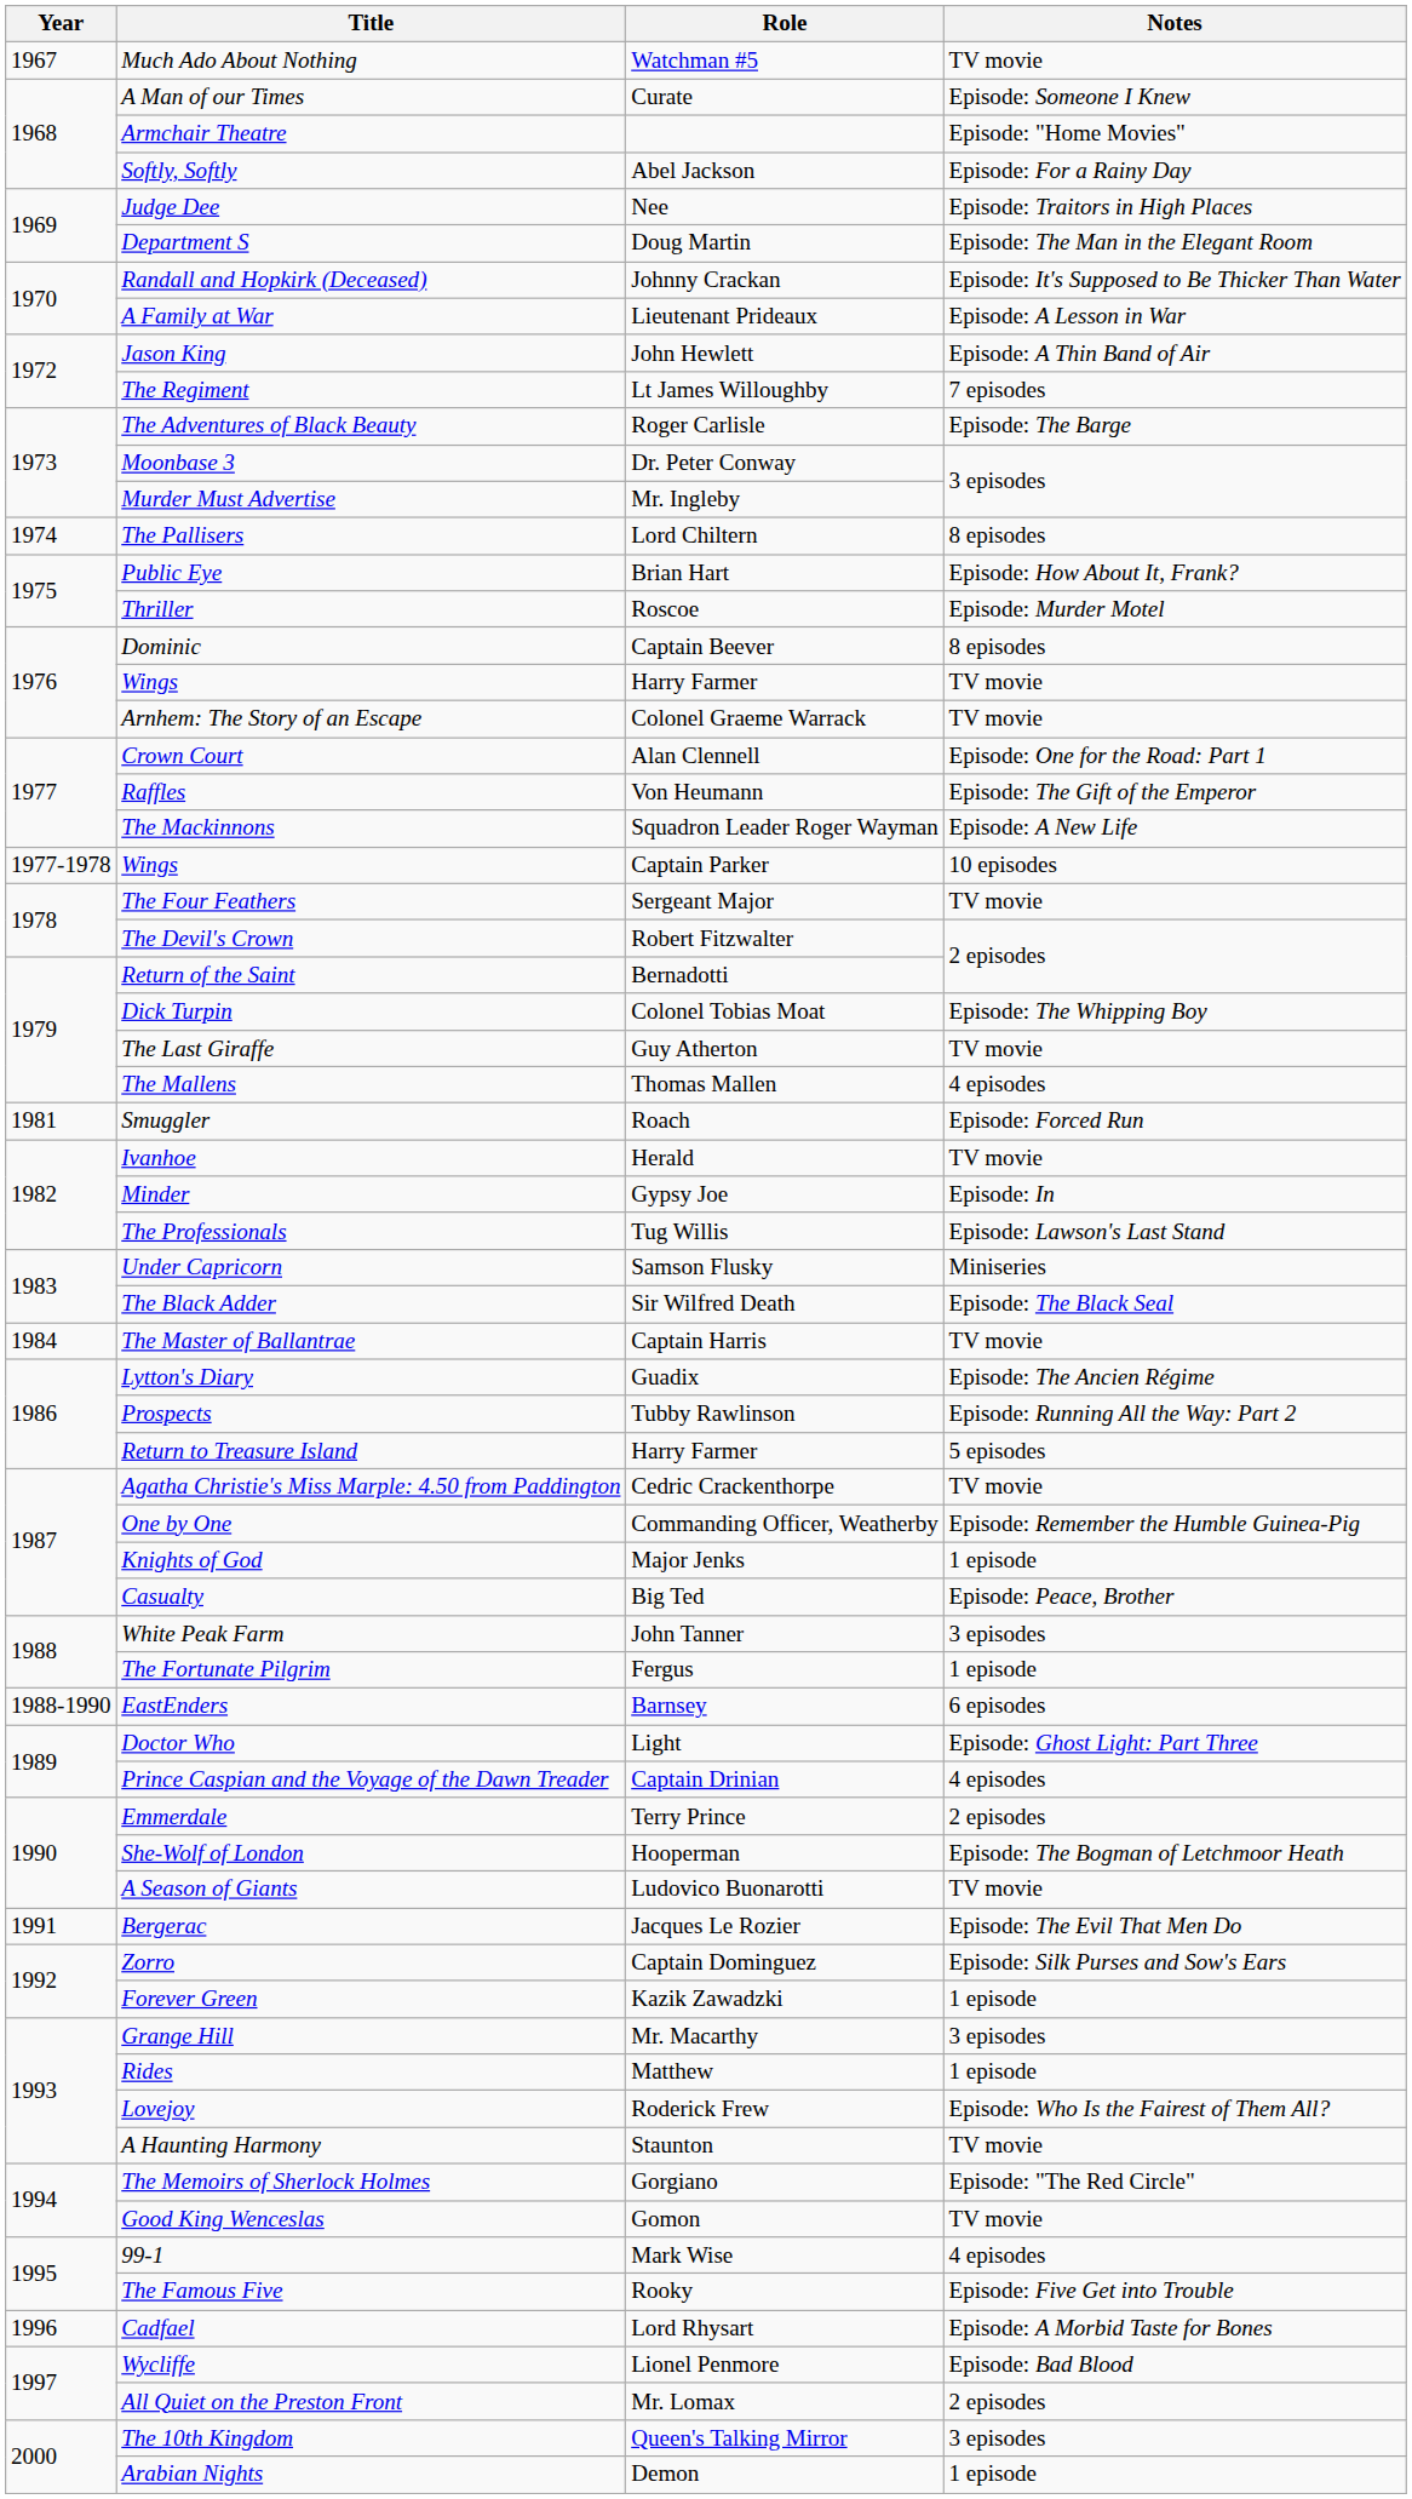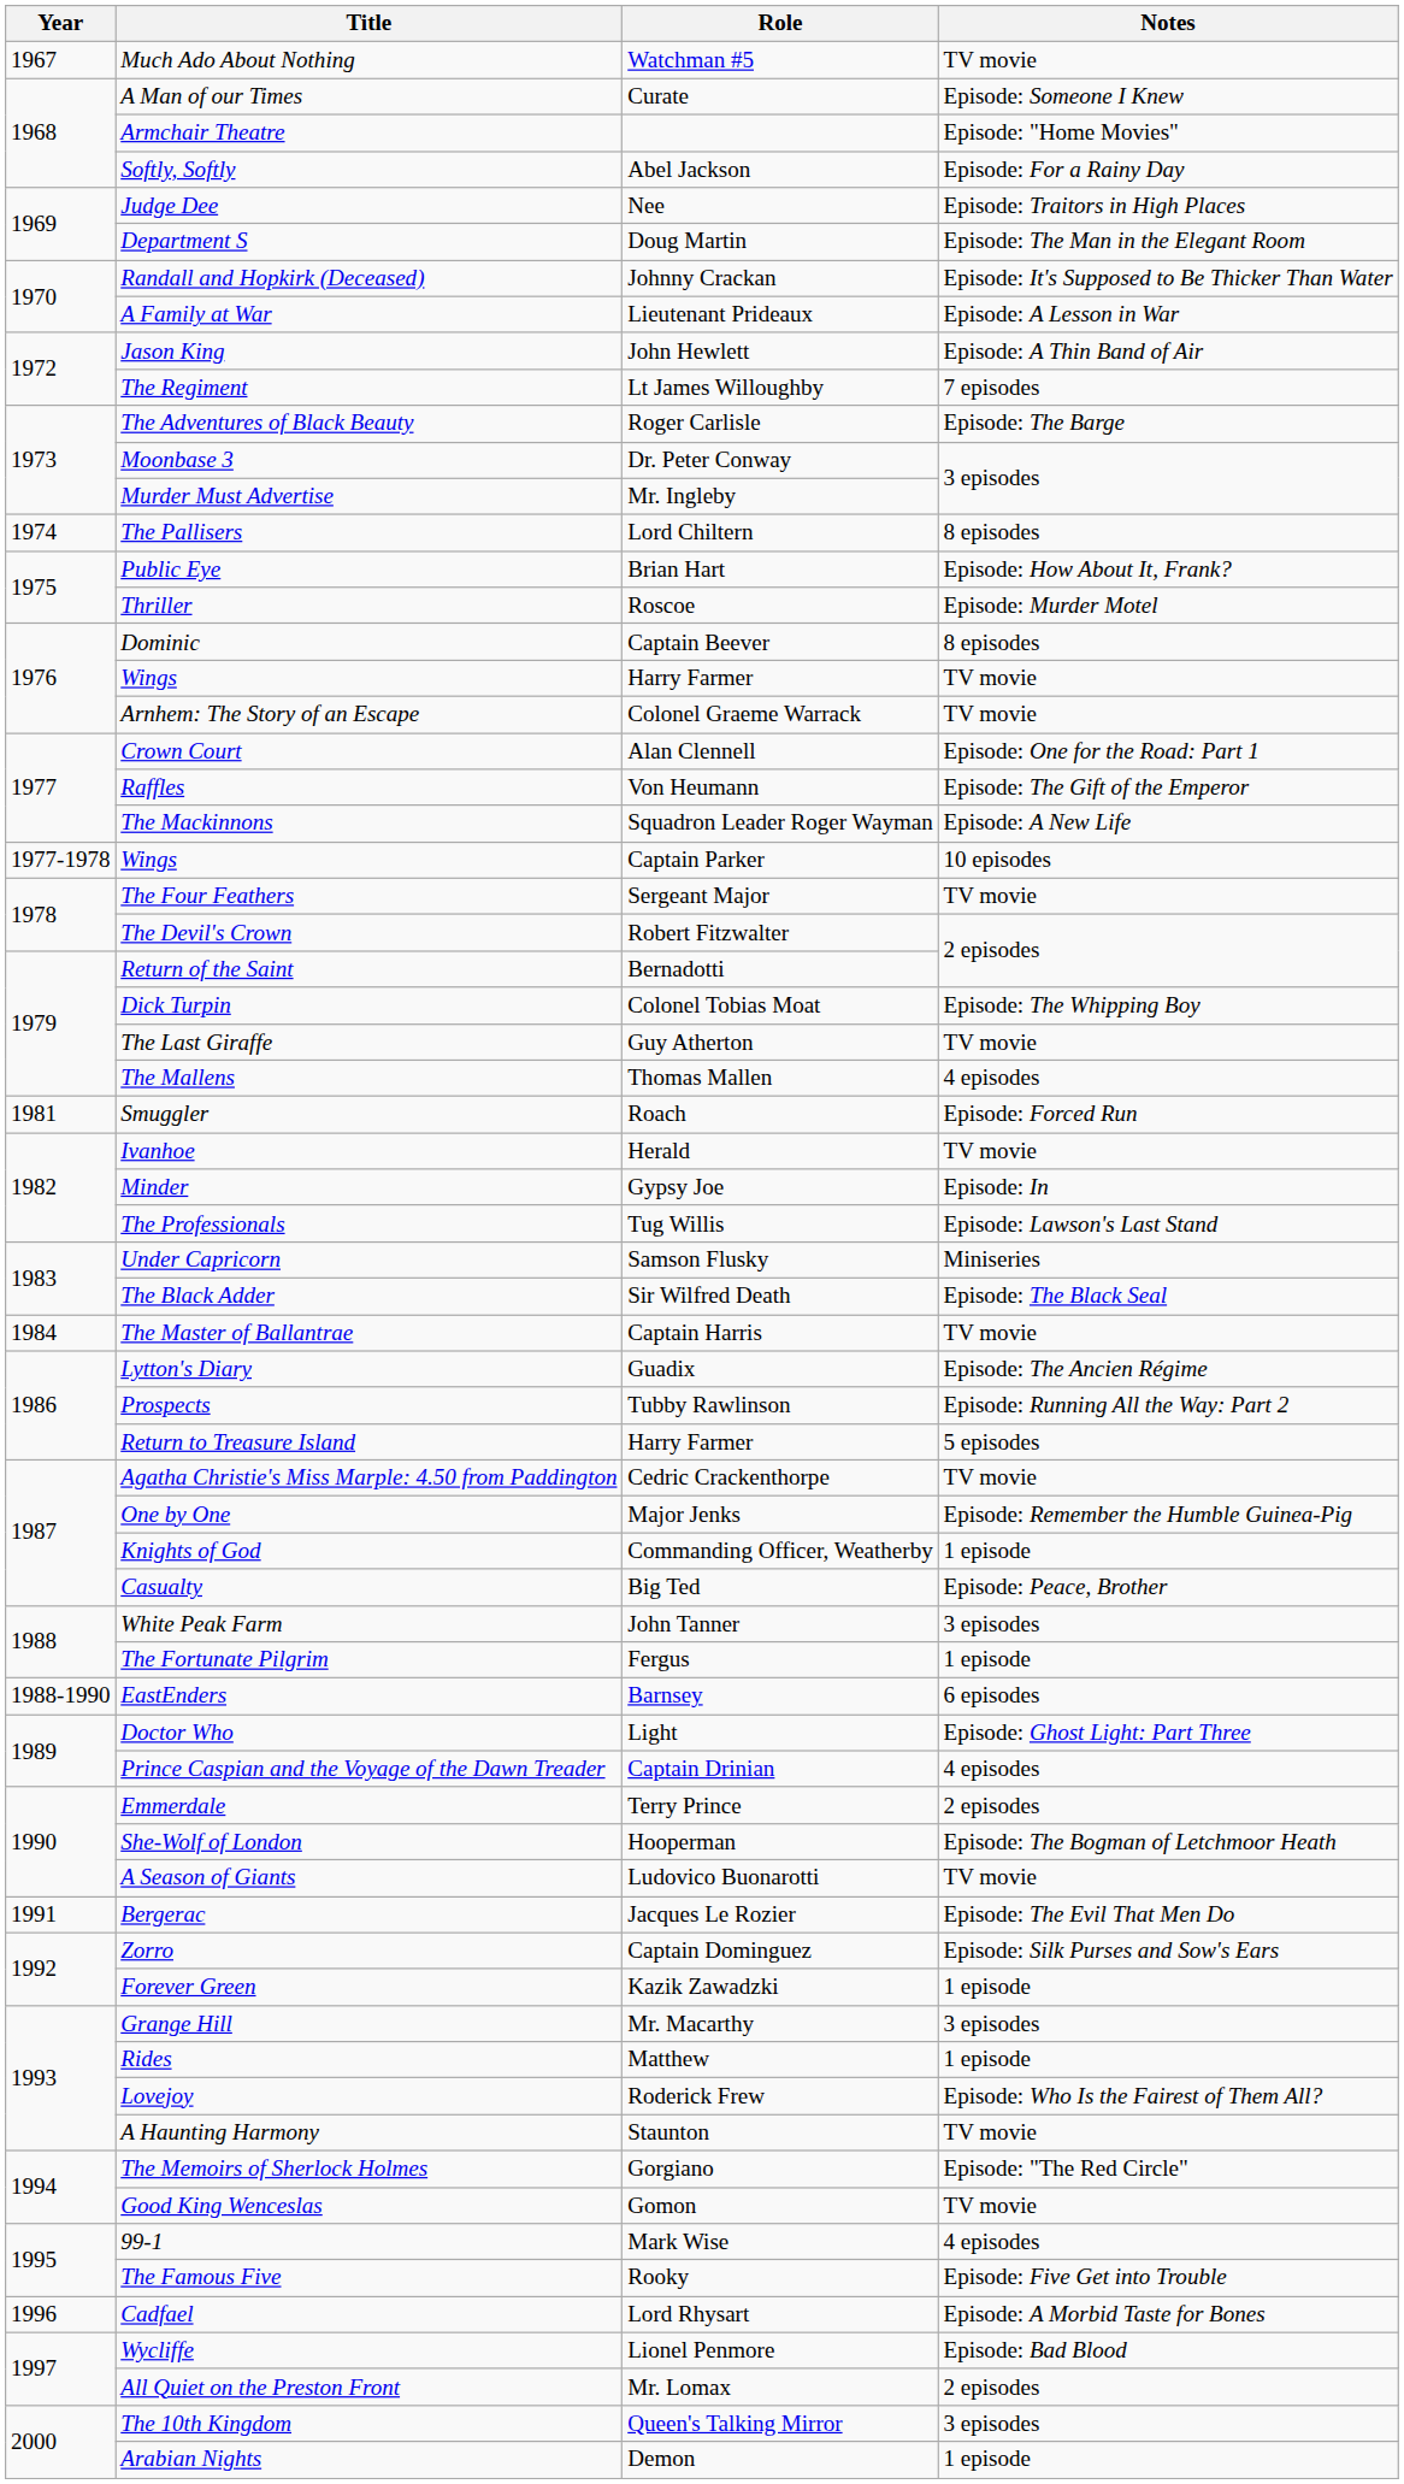 <table class="wikitable sortable">
 <tr>
 <th>Year</th>
 <th>Title</th>
 <th>Role</th>
 <th>Notes</th>
 </tr>
 <tr>
 <td>1967</td>
 <td><em>Much Ado About Nothing</em></td>
 <td><a href='#'>Watchman #5</a></td>
 <td>TV movie</td>
 </tr>
 <tr>
 <td rowspan="3">1968</td>
 <td><em>A Man of our Times</em></td>
 <td>Curate</td>
 <td>Episode: <em>Someone I Knew</em></td>
 </tr>
 <tr>
 <td><em><a href='#'>Armchair Theatre</a></em></td>
 <td></td>
 <td>Episode: "Home Movies"</td>
 </tr>
 <tr>
 <td><em><a href='#'>Softly, Softly</a></em></td>
 <td>Abel Jackson</td>
 <td>Episode: <em>For a Rainy Day</em></td>
 </tr>
 <tr>
 <td rowspan="2">1969</td>
 <td><em><a href='#'>Judge Dee</a></em></td>
 <td>Nee</td>
 <td>Episode: <em>Traitors in High Places</em></td>
 </tr>
 <tr>
 <td><em><a href='#'>Department S</a></em></td>
 <td>Doug Martin</td>
 <td>Episode: <em>The Man in the Elegant Room</em></td>
 </tr>
 <tr>
 <td rowspan="2">1970</td>
 <td><em><a href='#'>Randall and Hopkirk (Deceased)</a></em></td>
 <td>Johnny Crackan</td>
 <td>Episode: <em>It's Supposed to Be Thicker Than Water</em></td>
 </tr>
 <tr>
 <td><em><a href='#'>A Family at War</a></em></td>
 <td>Lieutenant Prideaux</td>
 <td>Episode: <em>A Lesson in War</em></td>
 </tr>
 <tr>
 <td rowspan="2">1972</td>
 <td><em><a href='#'>Jason King</a></em></td>
 <td>John Hewlett</td>
 <td>Episode: <em>A Thin Band of Air</em></td>
 </tr>
 <tr>
 <td><em><a href='#'>The Regiment</a></em></td>
 <td>Lt James Willoughby</td>
 <td>7 episodes</td>
 </tr>
 <tr>
 <td rowspan="3">1973</td>
 <td><em><a href='#'>The Adventures of Black Beauty</a></em></td>
 <td>Roger Carlisle</td>
 <td>Episode: <em>The Barge</em></td>
 </tr>
 <tr>
 <td><em><a href='#'>Moonbase 3</a></em></td>
 <td>Dr. Peter Conway</td>
 <td rowspan="2">3 episodes</td>
 </tr>
 <tr>
 <td><em><a href='#'>Murder Must Advertise</a></em></td>
 <td>Mr. Ingleby</td>
 </tr>
 <tr>
 <td>1974</td>
 <td><em><a href='#'>The Pallisers</a></em></td>
 <td>Lord Chiltern</td>
 <td>8 episodes</td>
 </tr>
 <tr>
 <td rowspan="2">1975</td>
 <td><em><a href='#'>Public Eye</a></em></td>
 <td>Brian Hart</td>
 <td>Episode: <em>How About It, Frank?</em></td>
 </tr>
 <tr>
 <td><em><a href='#'>Thriller</a></em></td>
 <td>Roscoe</td>
 <td>Episode: <em>Murder Motel</em></td>
 </tr>
 <tr>
 <td rowspan="3">1976</td>
 <td><em>Dominic</em></td>
 <td>Captain Beever</td>
 <td>8 episodes</td>
 </tr>
 <tr>
 <td><em><a href='#'>Wings</a></em></td>
 <td>Harry Farmer</td>
 <td>TV movie</td>
 </tr>
 <tr>
 <td><em>Arnhem: The Story of an Escape</em></td>
 <td>Colonel Graeme Warrack</td>
 <td>TV movie</td>
 </tr>
 <tr>
 <td rowspan="3">1977</td>
 <td><em><a href='#'>Crown Court</a></em></td>
 <td>Alan Clennell</td>
 <td>Episode: <em>One for the Road: Part 1</em></td>
 </tr>
 <tr>
 <td><em><a href='#'>Raffles</a></em></td>
 <td>Von Heumann</td>
 <td>Episode: <em>The Gift of the Emperor</em></td>
 </tr>
 <tr>
 <td><em><a href='#'>The Mackinnons</a></em></td>
 <td>Squadron Leader Roger Wayman</td>
 <td>Episode: <em>A New Life</em></td>
 </tr>
 <tr>
 <td>1977-1978</td>
 <td><em><a href='#'>Wings</a></em></td>
 <td>Captain Parker</td>
 <td>10 episodes</td>
 </tr>
 <tr>
 <td rowspan="2">1978</td>
 <td><em><a href='#'>The Four Feathers</a></em></td>
 <td>Sergeant Major</td>
 <td>TV movie</td>
 </tr>
 <tr>
 <td><em><a href='#'>The Devil's Crown</a></em></td>
 <td>Robert Fitzwalter</td>
 <td rowspan="2">2 episodes</td>
 </tr>
 <tr>
 <td rowspan="4">1979</td>
 <td><em><a href='#'>Return of the Saint</a></em></td>
 <td>Bernadotti</td>
 </tr>
 <tr>
 <td><em><a href='#'>Dick Turpin</a></em></td>
 <td>Colonel Tobias Moat</td>
 <td>Episode: <em>The Whipping Boy</em></td>
 </tr>
 <tr>
 <td><em>The Last Giraffe</em></td>
 <td>Guy Atherton</td>
 <td>TV movie</td>
 </tr>
 <tr>
 <td><em><a href='#'>The Mallens</a></em></td>
 <td>Thomas Mallen</td>
 <td>4 episodes</td>
 </tr>
 <tr>
 <td>1981</td>
 <td><em>Smuggler</em></td>
 <td>Roach</td>
 <td>Episode: <em>Forced Run</em></td>
 </tr>
 <tr>
 <td rowspan="3">1982</td>
 <td><em><a href='#'>Ivanhoe</a></em></td>
 <td>Herald</td>
 <td>TV movie</td>
 </tr>
 <tr>
 <td><em><a href='#'>Minder</a></em></td>
 <td>Gypsy Joe</td>
 <td>Episode: <em>In</em></td>
 </tr>
 <tr>
 <td><em><a href='#'>The Professionals</a></em></td>
 <td>Tug Willis</td>
 <td>Episode: <em>Lawson's Last Stand</em></td>
 </tr>
 <tr>
 <td rowspan="2">1983</td>
 <td><em><a href='#'>Under Capricorn</a></em></td>
 <td>Samson Flusky</td>
 <td>Miniseries</td>
 </tr>
 <tr>
 <td><em><a href='#'>The Black Adder</a></em></td>
 <td>Sir Wilfred Death</td>
 <td>Episode: <em><a href='#'>The Black Seal</a></em></td>
 </tr>
 <tr>
 <td>1984</td>
 <td><em><a href='#'>The Master of Ballantrae</a></em></td>
 <td>Captain Harris</td>
 <td>TV movie</td>
 </tr>
 <tr>
 <td rowspan="3">1986</td>
 <td><em><a href='#'>Lytton's Diary</a></em></td>
 <td>Guadix</td>
 <td>Episode: <em>The Ancien Régime</em></td>
 </tr>
 <tr>
 <td><em><a href='#'>Prospects</a></em></td>
 <td>Tubby Rawlinson</td>
 <td>Episode: <em>Running All the Way: Part 2</em></td>
 </tr>
 <tr>
 <td><em><a href='#'>Return to Treasure Island</a></em></td>
 <td>Harry Farmer</td>
 <td>5 episodes</td>
 </tr>
 <tr>
 <td rowspan="4">1987</td>
 <td><em><a href='#'>Agatha Christie's Miss Marple: 4.50 from Paddington</a></em></td>
 <td>Cedric Crackenthorpe</td>
 <td>TV movie</td>
 </tr>
 <tr>
 <td><em><a href='#'>One by One</a></em></td>
-<td>Commanding Officer, Weatherby</td>
+<td>Major Jenks</td>
 <td>Episode: <em>Remember the Humble Guinea-Pig</em></td>
 </tr>
 <tr>
 <td><em><a href='#'>Knights of God</a></em></td>
-<td>Major Jenks</td>
+<td>Commanding Officer, Weatherby</td>
 <td>1 episode</td>
 </tr>
 <tr>
 <td><em><a href='#'>Casualty</a></em></td>
 <td>Big Ted</td>
 <td>Episode: <em>Peace, Brother</em></td>
 </tr>
 <tr>
 <td rowspan="2">1988</td>
 <td><em>White Peak Farm</em></td>
 <td>John Tanner</td>
 <td>3 episodes</td>
 </tr>
 <tr>
 <td><em><a href='#'>The Fortunate Pilgrim</a></em></td>
 <td>Fergus</td>
 <td>1 episode</td>
 </tr>
 <tr>
 <td>1988-1990</td>
 <td><em><a href='#'>EastEnders</a></em></td>
 <td><a href='#'>Barnsey</a></td>
 <td>6 episodes</td>
 </tr>
 <tr>
 <td rowspan="2">1989</td>
 <td><em><a href='#'>Doctor Who</a></em></td>
 <td>Light</td>
 <td>Episode: <em><a href='#'>Ghost Light: Part Three</a></em></td>
 </tr>
 <tr>
 <td><em><a href='#'>Prince Caspian and the Voyage of the Dawn Treader</a></em></td>
 <td><a href='#'>Captain Drinian</a></td>
 <td>4 episodes</td>
 </tr>
 <tr>
 <td rowspan="3">1990</td>
 <td><em><a href='#'>Emmerdale</a></em></td>
 <td>Terry Prince</td>
 <td>2 episodes</td>
 </tr>
 <tr>
 <td><em><a href='#'>She-Wolf of London</a></em></td>
 <td>Hooperman</td>
 <td>Episode: <em>The Bogman of Letchmoor Heath</em></td>
 </tr>
 <tr>
 <td><em><a href='#'>A Season of Giants</a></em></td>
 <td>Ludovico Buonarotti</td>
 <td>TV movie</td>
 </tr>
 <tr>
 <td>1991</td>
 <td><em><a href='#'>Bergerac</a></em></td>
 <td>Jacques Le Rozier</td>
 <td>Episode: <em>The Evil That Men Do</em></td>
 </tr>
 <tr>
 <td rowspan="2">1992</td>
 <td><em><a href='#'>Zorro</a></em></td>
 <td>Captain Dominguez</td>
 <td>Episode: <em>Silk Purses and Sow's Ears</em></td>
 </tr>
 <tr>
 <td><em><a href='#'>Forever Green</a></em></td>
 <td>Kazik Zawadzki</td>
 <td>1 episode</td>
 </tr>
 <tr>
 <td rowspan="4">1993</td>
 <td><em><a href='#'>Grange Hill</a></em></td>
 <td>Mr. Macarthy</td>
 <td>3 episodes</td>
 </tr>
 <tr>
 <td><em><a href='#'>Rides</a></em></td>
 <td>Matthew</td>
 <td>1 episode</td>
 </tr>
 <tr>
 <td><em><a href='#'>Lovejoy</a></em></td>
 <td>Roderick Frew</td>
 <td>Episode: <em>Who Is the Fairest of Them All?</em></td>
 </tr>
 <tr>
 <td><em>A Haunting Harmony</em></td>
 <td>Staunton</td>
 <td>TV movie</td>
 </tr>
 <tr>
 <td rowspan="2">1994</td>
 <td><em><a href='#'>The Memoirs of Sherlock Holmes</a></em></td>
 <td>Gorgiano</td>
 <td>Episode: "The Red Circle"</td>
 </tr>
 <tr>
 <td><em><a href='#'>Good King Wenceslas</a></em></td>
 <td>Gomon</td>
 <td>TV movie</td>
 </tr>
 <tr>
 <td rowspan="2">1995</td>
 <td><em>99-1</em></td>
 <td>Mark Wise</td>
 <td>4 episodes</td>
 </tr>
 <tr>
 <td><em><a href='#'>The Famous Five</a></em></td>
 <td>Rooky</td>
 <td>Episode: <em>Five Get into Trouble</em></td>
 </tr>
 <tr>
 <td>1996</td>
 <td><em><a href='#'>Cadfael</a></em></td>
 <td>Lord Rhysart</td>
 <td>Episode: <em>A Morbid Taste for Bones</em></td>
 </tr>
 <tr>
 <td rowspan="2">1997</td>
 <td><em><a href='#'>Wycliffe</a></em></td>
 <td>Lionel Penmore</td>
 <td>Episode: <em>Bad Blood</em></td>
 </tr>
 <tr>
 <td><em><a href='#'>All Quiet on the Preston Front</a></em></td>
 <td>Mr. Lomax</td>
 <td>2 episodes</td>
 </tr>
 <tr>
 <td rowspan="2">2000</td>
 <td><em><a href='#'>The 10th Kingdom</a></em></td>
 <td><a href='#'>Queen's Talking Mirror</a></td>
 <td>3 episodes</td>
 </tr>
 <tr>
 <td><em><a href='#'>Arabian Nights</a></em></td>
 <td>Demon</td>
 <td>1 episode</td>
 </tr>
 </table>
